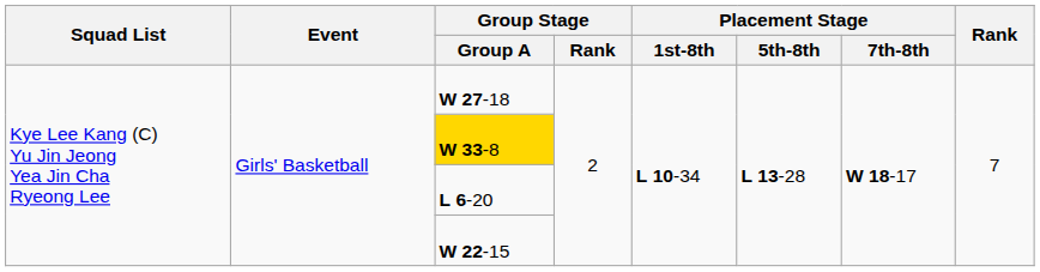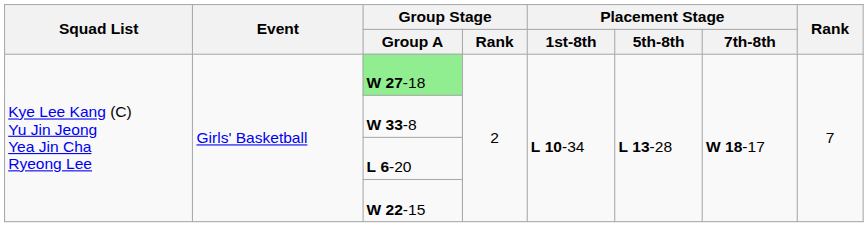 <table class="wikitable" width="90%" style="text-align:left; font-size:90%">
 <tr>
 <th rowspan="2">Squad List</th>
 <th rowspan="2">Event</th>
 <th colspan="2">Group Stage</th>
 <th colspan="3">Placement Stage</th>
 <th rowspan="2">Rank</th>
 </tr>
 <tr>
 <th>Group A</th>
 <th>Rank</th>
 <th>1st-8th</th>
 <th>5th-8th</th>
 <th>7th-8th</th>
 </tr>
 <tr>
 <td rowspan="4"><a href='#'>Kye Lee Kang</a> (C)<br><a href='#'>Yu Jin Jeong</a><br><a href='#'>Yea Jin Cha</a><br><a href='#'>Ryeong Lee</a></td>
 <td rowspan="4"><a href='#'>Girls' Basketball</a></td>
-<td><br> <strong>W</strong> <strong>27</strong>-18</td>
+<td style="background: lightgreen;"><br> <strong>W</strong> <strong>27</strong>-18</td>
 <td rowspan="4" align=center>2</td>
 <td rowspan="4"> <br> <strong>L</strong> <strong>10</strong>-34</td>
 <td rowspan="4"> <br> <strong>L</strong> <strong>13</strong>-28</td>
 <td rowspan="4"> <br> <strong>W</strong> <strong>18</strong>-17</td>
 <td rowspan="4" align="center">7</td>
 </tr>
 <tr>
-<td style="background: gold;"><br> <strong>W</strong> <strong>33</strong>-8</td>
+<td><br> <strong>W</strong> <strong>33</strong>-8</td>
 </tr>
 <tr>
 <td><br> <strong>L</strong> <strong>6</strong>-20</td>
 </tr>
 <tr>
 <td><br> <strong>W</strong> <strong>22</strong>-15</td>
 </tr>
 </table>
